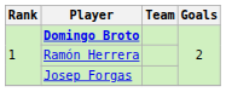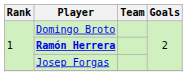 <table class="wikitable">
 <tr>
 <th>Rank</th>
 <th>Player</th>
 <th>Team</th>
 <th>Goals</th>
 </tr>
 <tr bgcolor="D0F0C0">
 <td rowspan=3>1</td>
-<td><strong><a href='#'>Domingo Broto</a></strong></td>
+<td><a href='#'>Domingo Broto</a></td>
 <td></td>
 <td rowspan=3 align="center">2</td>
 </tr>
 <tr bgcolor="D0F0C0">
-<td><a href='#'>Ramón Herrera</a></td>
+<td><strong><a href='#'>Ramón Herrera</a></strong></td>
 <td></td>
 </tr>
 <tr bgcolor="D0F0C0">
 <td><a href='#'>Josep Forgas</a></td>
 <td></td>
 </tr>
 <tr>
 </tr>
 </table>
